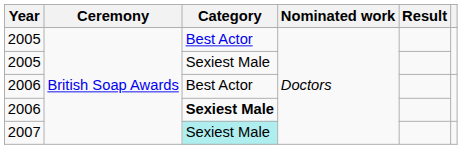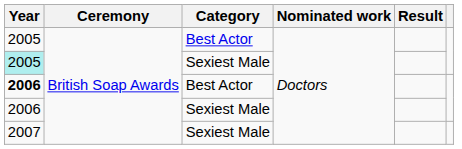 <table class="wikitable">
 <tr>
 <th>Year</th>
 <th>Ceremony</th>
 <th>Category</th>
 <th>Nominated work</th>
 <th>Result</th>
 <th></th>
 </tr>
 <tr>
 <td>2005</td>
 <td rowspan="5"><a href='#'>British Soap Awards</a></td>
 <td><a href='#'>Best Actor</a></td>
 <td rowspan="5"><em>Doctors</em></td>
 <td></td>
 <td rowspan="2" align="center"></td>
 </tr>
 <tr>
-<td>2005</td>
+<td style="background: paleturquoise;">2005</td>
 <td>Sexiest Male</td>
 <td></td>
 </tr>
 <tr>
-<td>2006</td>
+<td><strong>2006</strong></td>
 <td>Best Actor</td>
 <td></td>
 <td rowspan="2" align="center"></td>
 </tr>
 <tr>
 <td>2006</td>
-<td><strong>Sexiest Male</strong></td>
+<td>Sexiest Male</td>
 <td></td>
 </tr>
 <tr>
 <td>2007</td>
-<td style="background: paleturquoise;">Sexiest Male</td>
+<td>Sexiest Male</td>
 <td></td>
 <td align="center"></td>
 </tr>
 </table>
